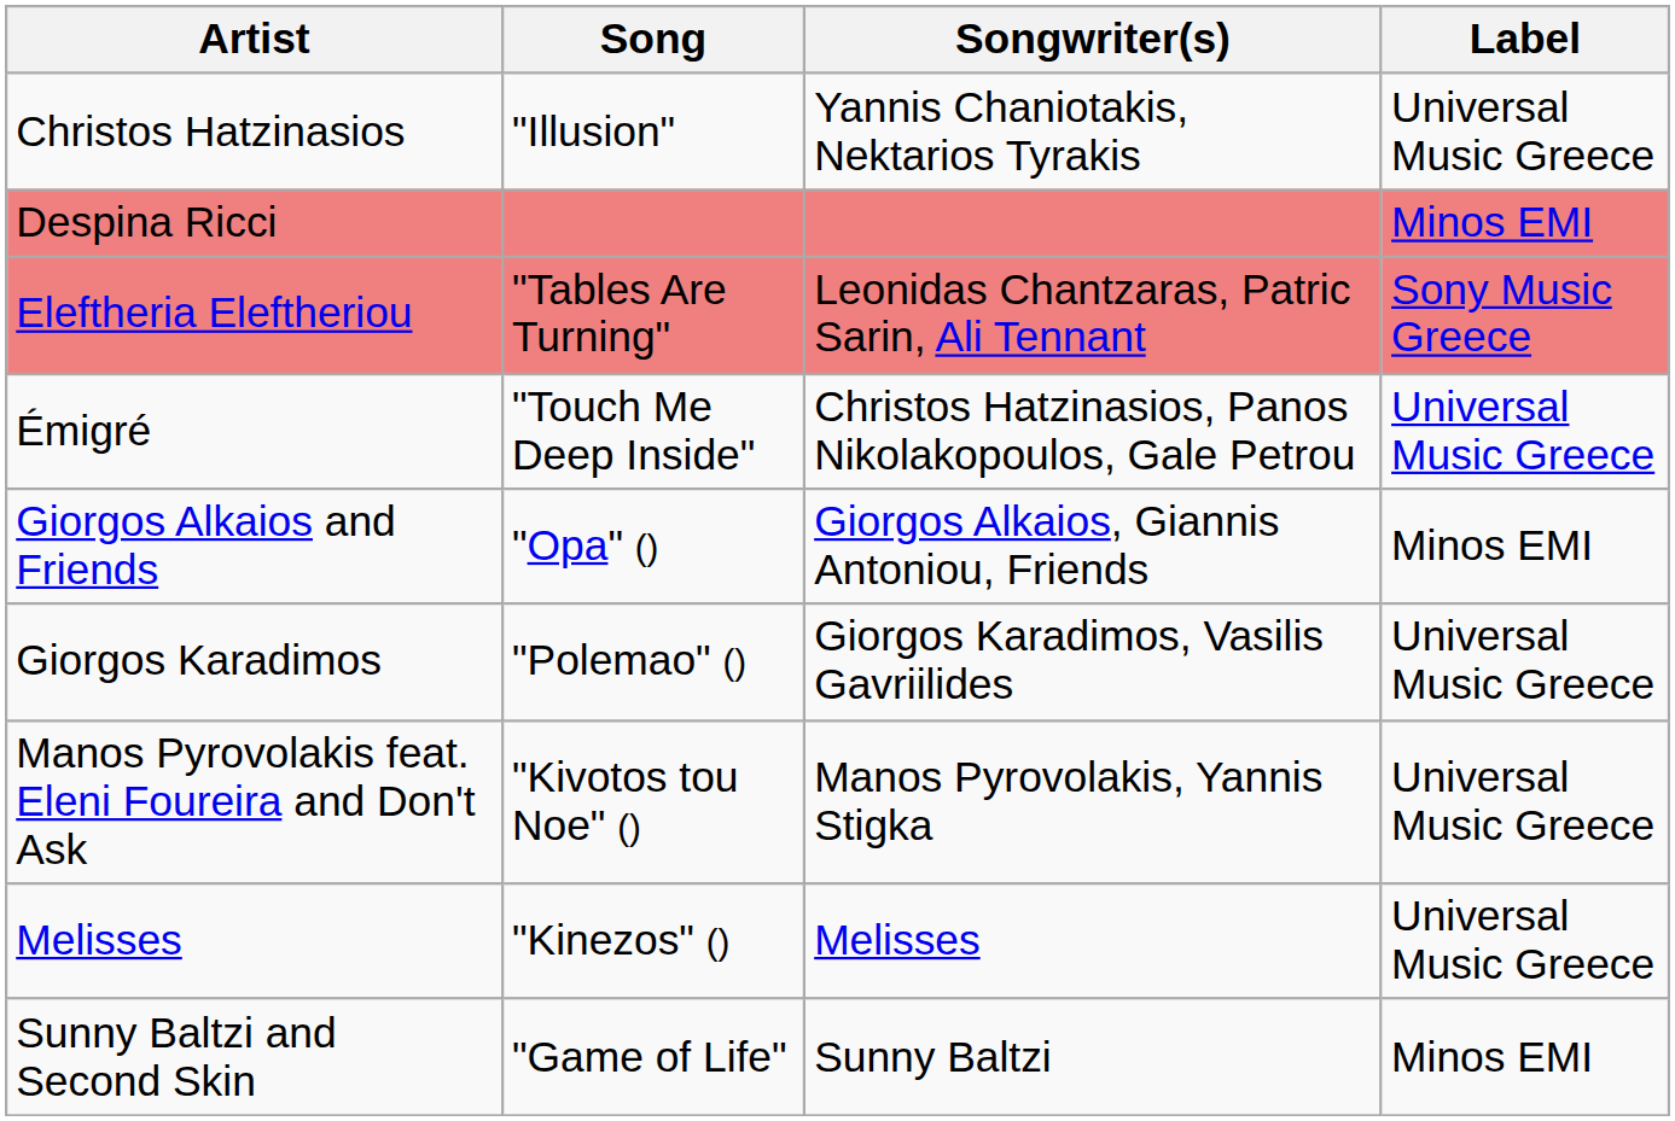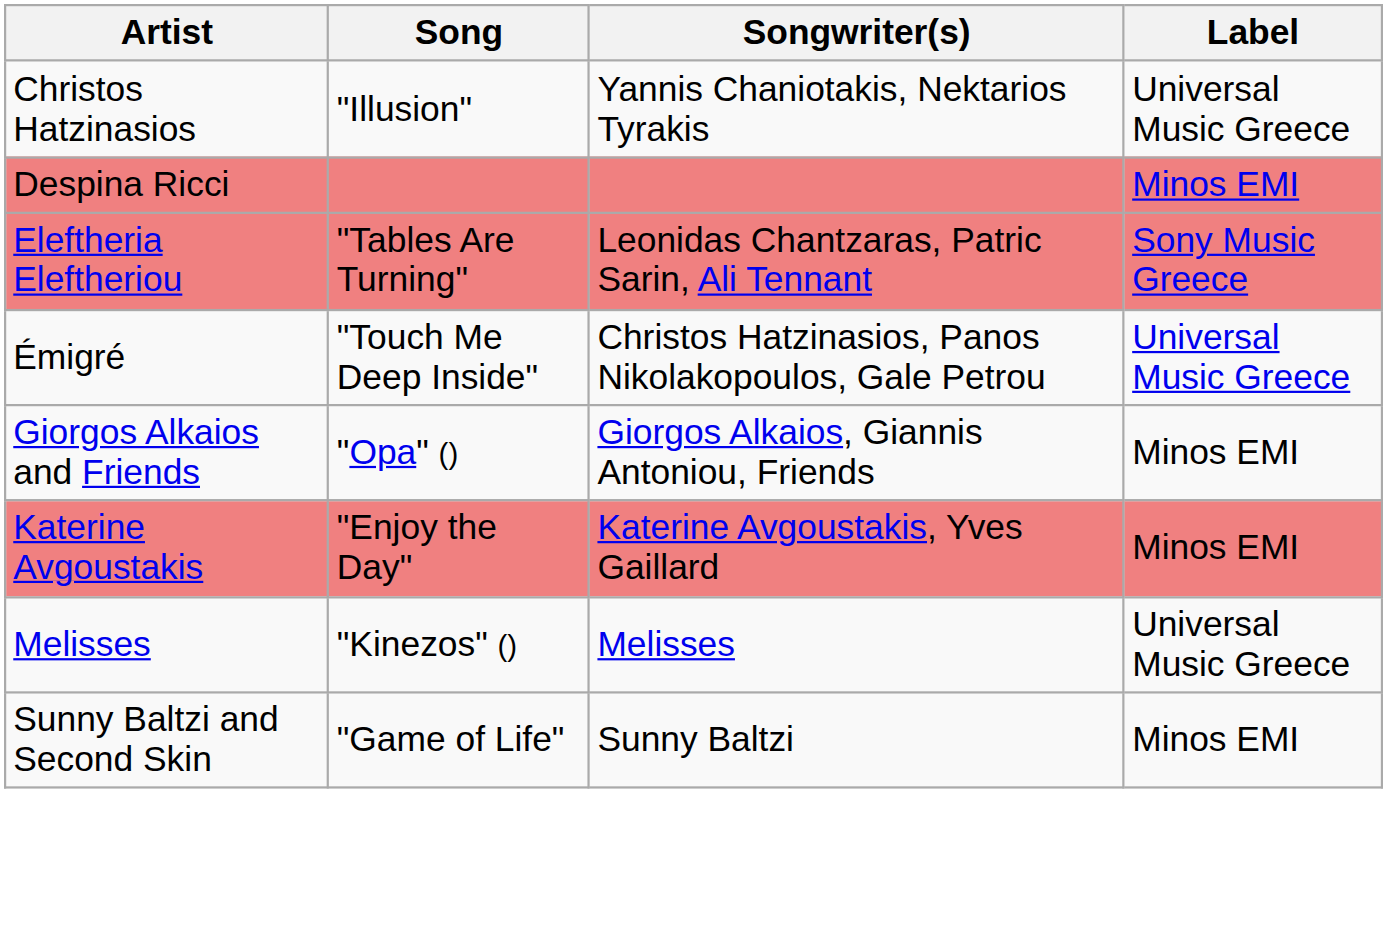 <table class="sortable wikitable" style="margin: 1em auto 1em auto; text-align:left">
 <tr>
 <th>Artist</th>
 <th>Song</th>
 <th class="unsortable">Songwriter(s)</th>
 <th>Label</th>
 </tr>
 <tr>
 <td>Christos Hatzinasios</td>
 <td>"Illusion"</td>
 <td>Yannis Chaniotakis, Nektarios Tyrakis</td>
 <td>Universal Music Greece</td>
 </tr>
 <tr bgcolor="#F08080">
 <td>Despina Ricci</td>
 <td align="center"></td>
 <td align="center"></td>
 <td><a href='#'>Minos EMI</a></td>
 </tr>
 <tr bgcolor="#F08080">
 <td><a href='#'>Eleftheria Eleftheriou</a></td>
 <td>"Tables Are Turning"</td>
 <td>Leonidas Chantzaras, Patric Sarin, <a href='#'>Ali Tennant</a></td>
 <td><a href='#'>Sony Music Greece</a></td>
 </tr>
 <tr>
 <td>Émigré</td>
 <td>"Touch Me Deep Inside"</td>
 <td>Christos Hatzinasios, Panos Nikolakopoulos, Gale Petrou</td>
 <td><a href='#'>Universal Music Greece</a></td>
 </tr>
 <tr>
 <td><a href='#'>Giorgos Alkaios</a> and <a href='#'>Friends</a></td>
 <td>"<a href='#'>Opa</a>" <small>()</small></td>
 <td><a href='#'>Giorgos Alkaios</a>, Giannis Antoniou, Friends</td>
 <td>Minos EMI</td>
 </tr>
-<tr>
-<td>Giorgos Karadimos</td>
-<td>"Polemao" <small>()</small></td>
-<td>Giorgos Karadimos, Vasilis Gavriilides</td>
-<td>Universal Music Greece</td>
-</tr>
-<tr>
-<td>Manos Pyrovolakis feat. <a href='#'>Eleni Foureira</a> and Don't Ask</td>
-<td>"Kivotos tou Noe" <small>()</small></td>
-<td>Manos Pyrovolakis, Yannis Stigka</td>
-<td>Universal Music Greece</td>
+<tr bgcolor="#F08080">
+<td><a href='#'>Katerine Avgoustakis</a></td>
+<td>"Enjoy the Day"</td>
+<td><a href='#'>Katerine Avgoustakis</a>, Yves Gaillard</td>
+<td>Minos EMI</td>
 </tr>
 <tr>
 <td><a href='#'>Melisses</a></td>
 <td>"Kinezos" <small>()</small></td>
 <td><a href='#'>Melisses</a></td>
 <td>Universal Music Greece</td>
 </tr>
 <tr>
 <td>Sunny Baltzi and Second Skin</td>
 <td>"Game of Life"</td>
 <td>Sunny Baltzi</td>
 <td>Minos EMI</td>
 </tr>
 </table>
